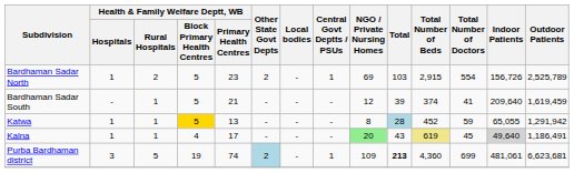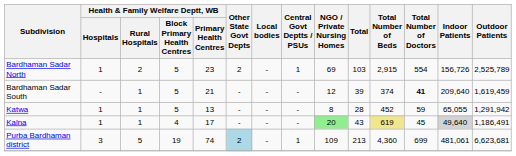 <table class="wikitable" style="text-align:center;font-size: 9pt">
 <tr>
 <th width="110" rowspan="2">Subdivision</th>
 <th width="160" colspan="4" rowspan="1">Health & Family Welfare Deptt, WB</th>
 <th widthspan="110" rowspan="2">Other<br>State<br>Govt<br>Depts</th>
 <th widthspan="110" rowspan="2">Local<br>bodies</th>
 <th widthspan="110" rowspan="2">Central<br>Govt<br>Deptts /<br>PSUs</th>
 <th widthspan="110" rowspan="2">NGO /<br>Private<br>Nursing<br>Homes</th>
 <th widthspan="110" rowspan="2">Total</th>
 <th widthspan="110" rowspan="2">Total<br>Number<br>of<br>Beds</th>
 <th widthspan="110" rowspan="2">Total<br>Number<br>of<br>Doctors</th>
 <th widthspan="130" rowspan="2">Indoor<br>Patients</th>
 <th widthspan="130" rowspan="2">Outdoor<br>Patients</th>
 </tr>
 <tr>
 <th width="40">Hospitals<br></th>
 <th width="40">Rural<br>Hospitals<br></th>
 <th width="40">Block<br>Primary<br>Health<br>Centres<br></th>
 <th width="40">Primary<br>Health<br>Centres<br></th>
 </tr>
 <tr>
 <td align=left><a href='#'>Bardhaman Sadar North</a></td>
 <td align="center">1</td>
 <td align="center">2</td>
 <td align="center">5</td>
 <td align="center">23</td>
 <td align="center">2</td>
 <td align="center">-</td>
 <td align="center">1</td>
 <td align="center">69</td>
 <td align="center">103</td>
 <td align="center">2,915</td>
 <td align="center">554</td>
 <td align="center">156,726</td>
 <td align="center">2,525,789</td>
 </tr>
 <tr>
 <td align=left>Bardhaman Sadar South</td>
 <td align="center">-</td>
 <td align="center">1</td>
 <td align="center">5</td>
 <td align="center">21</td>
 <td align="center">-</td>
 <td align="center">-</td>
 <td align="center">-</td>
 <td align="center">12</td>
 <td align="center">39</td>
 <td align="center">374</td>
-<td align="center">41</td>
+<td align="center"><strong>41</strong></td>
 <td align="center">209,640</td>
 <td align="center">1,619,459</td>
 </tr>
 <tr>
 <td align=left><a href='#'>Katwa</a></td>
 <td align="center">1</td>
 <td align="center">1</td>
-<td align="center" style="background: gold;">5</td>
+<td align="center">5</td>
 <td align="center">13</td>
 <td align="center">-</td>
 <td align="center">-</td>
 <td align="center">-</td>
 <td align="center">8</td>
-<td align="center" style="background: lightblue;">28</td>
+<td align="center">28</td>
 <td align="center">452</td>
 <td align="center">59</td>
 <td align="center">65,055</td>
 <td align="center">1,291,942</td>
 </tr>
 <tr>
 <td align=left><a href='#'>Kalna</a></td>
 <td align="center">1</td>
 <td align="center">1</td>
 <td align="center">4</td>
 <td align="center">17</td>
 <td align="center">-</td>
 <td align="center">-</td>
 <td align="center">-</td>
 <td align="center" style="background: lightgreen;">20</td>
 <td align="center">43</td>
 <td align="center" style="background: khaki;">619</td>
 <td align="center">45</td>
 <td align="center" style="background: lightgrey;">49,640</td>
 <td align="center">1,186,491</td>
 </tr>
 <tr>
 <td align=left><a href='#'>Purba Bardhaman district</a></td>
 <td align="center">3</td>
 <td align="center">5</td>
 <td align="center">19</td>
 <td align="center">74</td>
 <td align="center" style="background: lightblue;">2</td>
 <td align="center">-</td>
 <td align="center">1</td>
 <td align="center">109</td>
-<td align="center"><strong>213</strong></td>
+<td align="center">213</td>
 <td align="center">4,360</td>
 <td align="center">699</td>
 <td align="center">481,061</td>
 <td align="center">6,623,681</td>
 </tr>
 <tr>
 </tr>
 </table>
